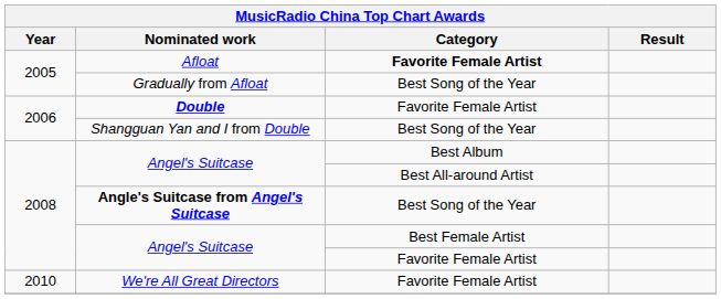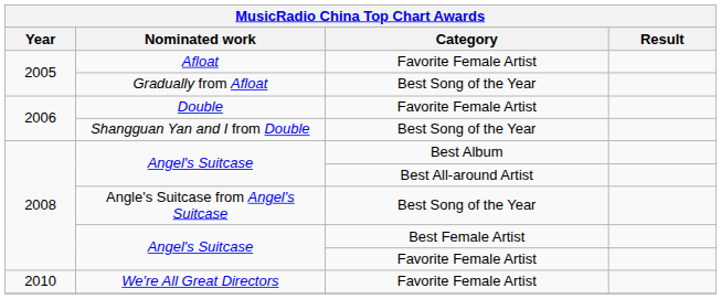 <table width="90%" class="wikitable">
 <tr>
 <th colspan="4" align="center"><a href='#'>MusicRadio China Top Chart Awards</a></th>
 </tr>
 <tr>
 <th width="10%">Year</th>
 <th width="35%">Nominated work</th>
 <th width="40%">Category</th>
 <th width="15%">Result</th>
 </tr>
 <tr>
 <td align="center" rowspan=2>2005</td>
 <td align="center"><em><a href='#'>Afloat</a></em></td>
-<td align="center"><strong>Favorite Female Artist</strong></td>
+<td align="center">Favorite Female Artist</td>
 <td></td>
 </tr>
 <tr>
 <td align="center"><em>Gradually</em> from <em><a href='#'>Afloat</a></em></td>
 <td align="center">Best Song of the Year</td>
 <td></td>
 </tr>
 <tr>
 <td align="center" rowspan=2>2006</td>
-<td align="center"><strong><em><a href='#'>Double</a></em></strong></td>
+<td align="center"><em><a href='#'>Double</a></em></td>
 <td align="center">Favorite Female Artist</td>
 <td></td>
 </tr>
 <tr>
 <td align="center"><em>Shangguan Yan and I</em> from <em><a href='#'>Double</a></em></td>
 <td align="center">Best Song of the Year</td>
 <td></td>
 </tr>
 <tr>
 <td align="center" rowspan=5>2008</td>
 <td align="center" rowspan=2><em><a href='#'>Angel's Suitcase</a></em></td>
 <td align="center">Best Album</td>
 <td></td>
 </tr>
 <tr>
 <td align="center">Best All-around Artist</td>
 <td></td>
 </tr>
 <tr>
-<td align="center"><strong>Angle's Suitcase from <em><a href='#'>Angel's Suitcase</a></em></strong></td>
+<td align="center">Angle's Suitcase from <em><a href='#'>Angel's Suitcase</a></em></td>
 <td align="center">Best Song of the Year</td>
 <td></td>
 </tr>
 <tr>
 <td align="center" rowspan=2><em><a href='#'>Angel's Suitcase</a></em></td>
 <td align="center">Best Female Artist</td>
 <td></td>
 </tr>
 <tr>
 <td align="center">Favorite Female Artist</td>
 <td></td>
 </tr>
 <tr>
 <td align="center" rowspan=1>2010</td>
 <td align="center" rowspan=1><em><a href='#'>We're All Great Directors</a></em></td>
 <td align="center">Favorite Female Artist</td>
 <td></td>
 </tr>
 <tr>
 </tr>
 </table>
